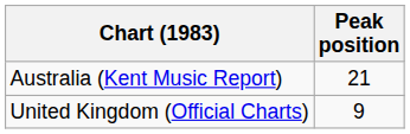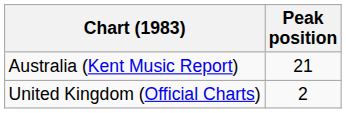 <table class="wikitable">
 <tr>
 <th scope="col">Chart (1983)</th>
 <th>Peak<br>position</th>
 </tr>
 <tr>
 <td>Australia (<a href='#'>Kent Music Report</a>)</td>
 <td style="text-align:center;">21</td>
 </tr>
 <tr>
 <td>United Kingdom (<a href='#'>Official Charts</a>)</td>
-<td style="text-align:center;">9</td>
+<td style="text-align:center;">2</td>
 </tr>
 </table>
